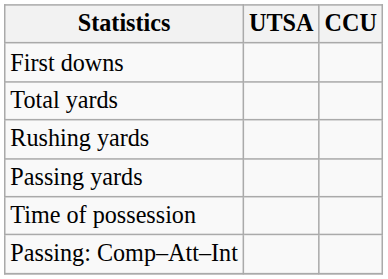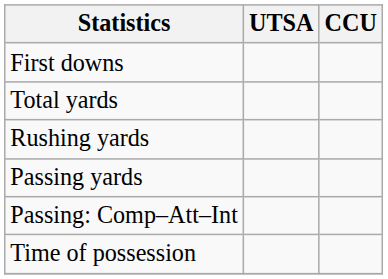 <table class="wikitable" style="float: left;">
 <tr>
 <th>Statistics</th>
 <th>UTSA</th>
 <th>CCU</th>
 </tr>
 <tr>
 <td>First downs</td>
 <td></td>
 <td></td>
 </tr>
 <tr>
 <td>Total yards</td>
 <td></td>
 <td></td>
 </tr>
 <tr>
 <td>Rushing yards</td>
 <td></td>
 <td></td>
 </tr>
 <tr>
 <td>Passing yards</td>
 <td></td>
 <td></td>
 </tr>
 <tr>
-<td>Time of possession</td>
+<td>Passing: Comp–Att–Int</td>
 <td></td>
 <td></td>
 </tr>
 <tr>
-<td>Passing: Comp–Att–Int</td>
+<td>Time of possession</td>
 <td></td>
 <td></td>
 </tr>
 <tr>
 </tr>
 </table>
